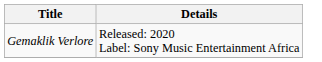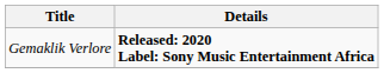 <table class="wikitable">
 <tr>
 <th>Title</th>
 <th>Details</th>
 </tr>
 <tr>
 <td><em>Gemaklik Verlore</em></td>
-<td>Released: 2020<br>Label: Sony Music Entertainment Africa</td>
+<td><strong>Released: 2020<br>Label: Sony Music Entertainment Africa</strong></td>
 </tr>
 <tr>
 </tr>
 </table>
